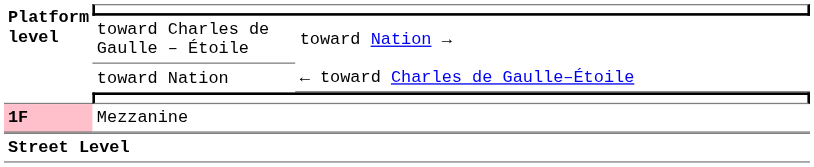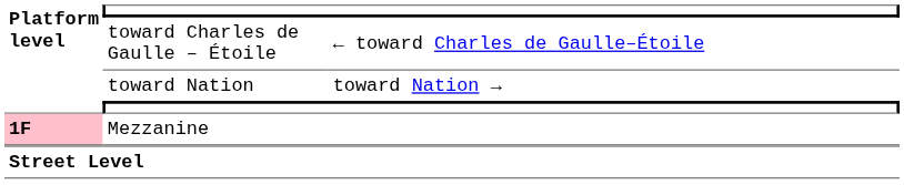 <table cellspacing="0" cellpadding="3" border="0">
 <tr>
 <td rowspan="4" data-darkreader-inline-border-bottom="" style="border-bottom:solid 1px gray;" width="50" valign="top"><strong>Platform level</strong></td>
 <td colspan="2" data-darkreader-inline-border-bottom="" data-darkreader-inline-border-left="" data-darkreader-inline-border-right="" data-darkreader-inline-border-top="" style="border-top:solid 1px gray;border-right:solid 2px black;border-left:solid 2px black;border-bottom:solid 2px black;text-align:center;"></td>
 </tr>
 <tr>
 <td data-darkreader-inline-border-bottom="" style="border-bottom:solid 1px gray;" width="150">toward Charles de Gaulle – Étoile</td>
-<td>   toward <a href='#'>Nation</a>  →</td>
+<td data-darkreader-inline-border-bottom="" style="border-bottom:solid 1px gray;" width="390">←   toward <a href='#'>Charles de Gaulle–Étoile</a> </td>
 </tr>
 <tr>
 <td>toward Nation</td>
-<td data-darkreader-inline-border-bottom="" style="border-bottom:solid 1px gray;" width="390">←   toward <a href='#'>Charles de Gaulle–Étoile</a> </td>
+<td>   toward <a href='#'>Nation</a>  →</td>
 </tr>
 <tr>
 <td colspan="2" data-darkreader-inline-border-bottom="" data-darkreader-inline-border-left="" data-darkreader-inline-border-right="" data-darkreader-inline-border-top="" style="border-top:solid 2px black;border-right:solid 2px black;border-left:solid 2px black;border-bottom:solid 1px gray;text-align:center;"></td>
 </tr>
 <tr>
 <td data-darkreader-inline-border-bottom="" style="background: pink; border-bottom:solid 1px gray;" width="50" valign="top"><strong>1F</strong></td>
 <td colspan="2" data-darkreader-inline-border-bottom="" style="border-bottom:solid 1px gray;" width="100" valign="top">Mezzanine</td>
 </tr>
 <tr>
 <td colspan="3" data-darkreader-inline-border-bottom="" data-darkreader-inline-border-top="" style="border-bottom:solid 1px gray;border-top:solid 1px gray;" width="50" valign="top"><strong>Street Level</strong></td>
 </tr>
 </table>
